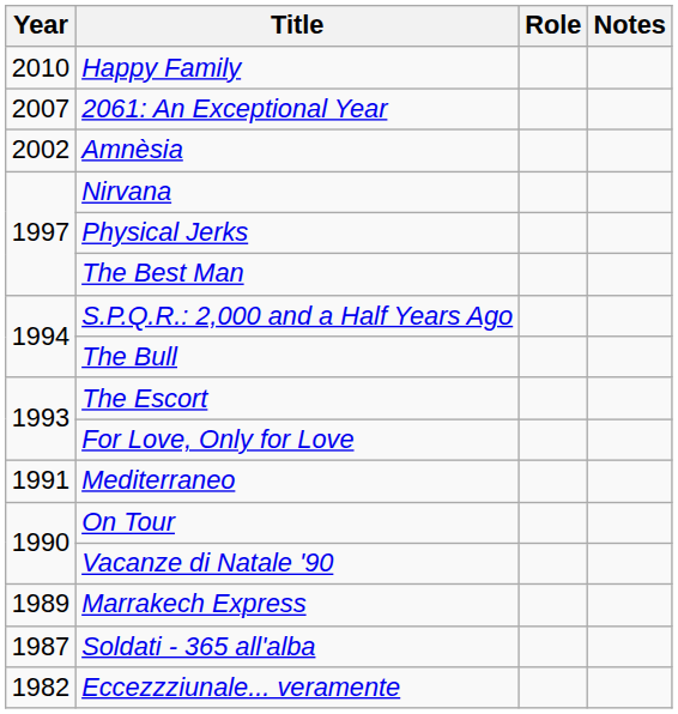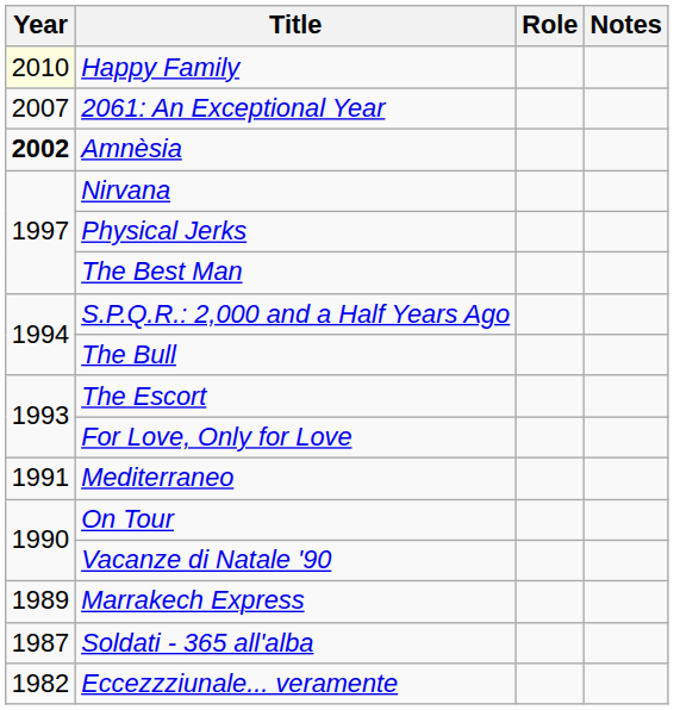 <table class="wikitable sortable">
 <tr>
 <th>Year</th>
 <th>Title</th>
 <th>Role</th>
 <th class="unsortable">Notes</th>
 </tr>
 <tr>
-<td>2010</td>
+<td style="background: lightyellow;">2010</td>
 <td><em><a href='#'>Happy Family</a></em></td>
 <td></td>
 <td></td>
 </tr>
 <tr>
 <td>2007</td>
 <td><em><a href='#'>2061: An Exceptional Year</a></em></td>
 <td></td>
 <td></td>
 </tr>
 <tr>
-<td>2002</td>
+<td><strong>2002</strong></td>
 <td><em><a href='#'>Amnèsia</a></em></td>
 <td></td>
 <td></td>
 </tr>
 <tr>
 <td rowspan=3>1997</td>
 <td><em><a href='#'>Nirvana</a></em></td>
 <td></td>
 <td></td>
 </tr>
 <tr>
 <td><em><a href='#'>Physical Jerks</a></em></td>
 <td></td>
 <td></td>
 </tr>
 <tr>
 <td><em><a href='#'>The Best Man</a></em></td>
 <td></td>
 <td></td>
 </tr>
 <tr>
 <td rowspan=2>1994</td>
 <td><em><a href='#'>S.P.Q.R.: 2,000 and a Half Years Ago</a></em></td>
 <td></td>
 <td></td>
 </tr>
 <tr>
 <td><em><a href='#'>The Bull</a></em></td>
 <td></td>
 <td></td>
 </tr>
 <tr>
 <td rowspan=2>1993</td>
 <td><em><a href='#'>The Escort</a></em></td>
 <td></td>
 <td></td>
 </tr>
 <tr>
 <td><em><a href='#'>For Love, Only for Love</a></em></td>
 <td></td>
 <td></td>
 </tr>
 <tr>
 <td>1991</td>
 <td><em><a href='#'>Mediterraneo</a></em></td>
 <td></td>
 <td></td>
 </tr>
 <tr>
 <td rowspan=2>1990</td>
 <td><em><a href='#'>On Tour</a></em></td>
 <td></td>
 <td></td>
 </tr>
 <tr>
 <td><em><a href='#'>Vacanze di Natale '90</a></em></td>
 <td></td>
 <td></td>
 </tr>
 <tr>
 <td>1989</td>
 <td><em><a href='#'>Marrakech Express</a></em></td>
 <td></td>
 <td></td>
 </tr>
 <tr>
 <td>1987</td>
 <td><em><a href='#'>Soldati - 365 all'alba</a></em></td>
 <td></td>
 <td></td>
 </tr>
 <tr>
 <td>1982</td>
 <td><em><a href='#'>Eccezzziunale... veramente</a></em></td>
 <td></td>
 <td></td>
 </tr>
 </table>
